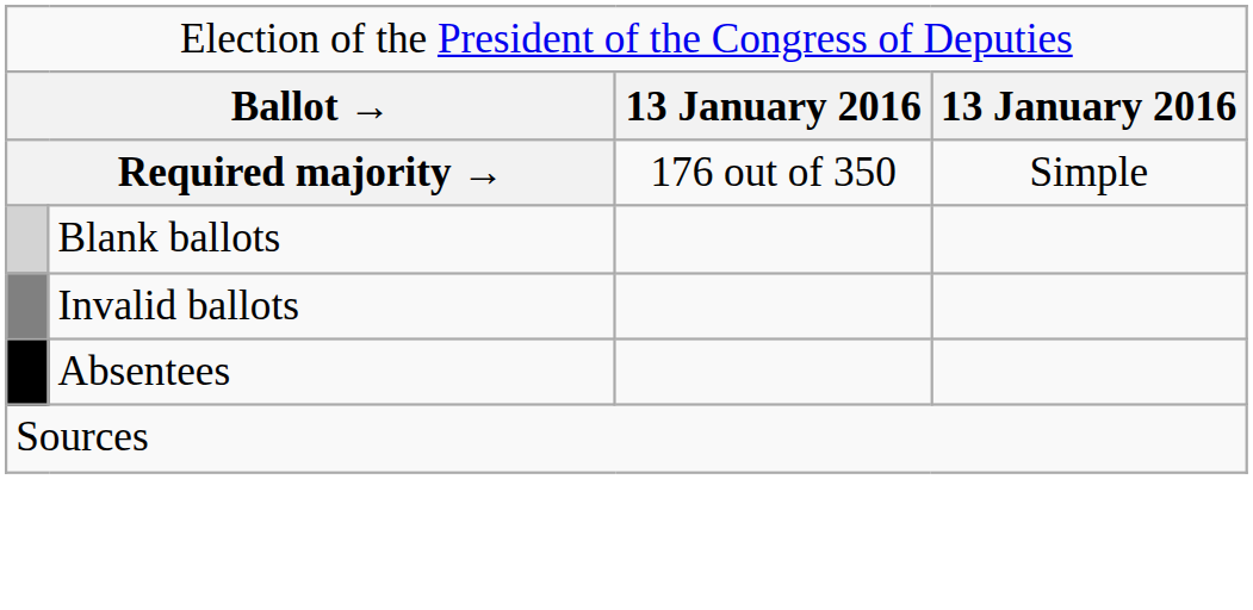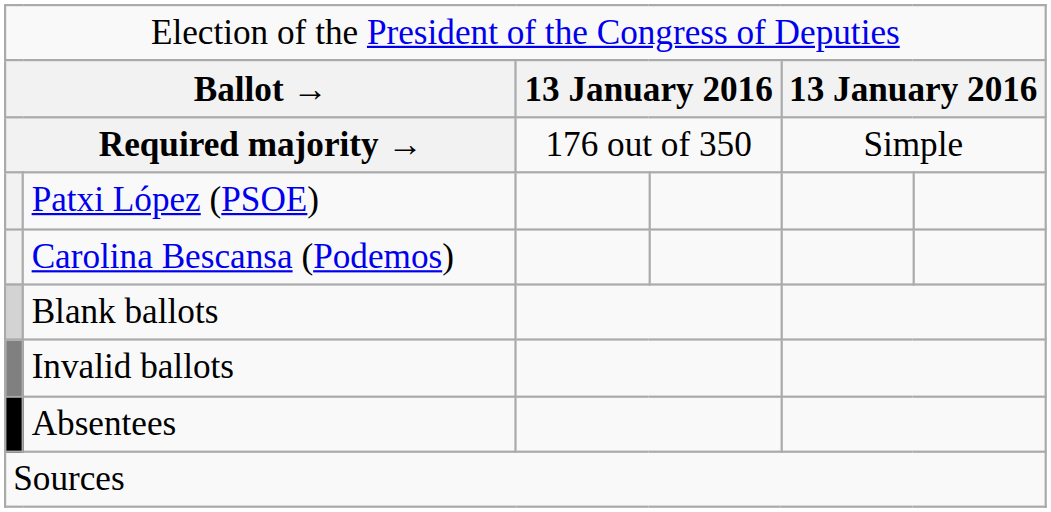 <table class="wikitable" style="text-align:center;">
 <tr>
 <td colspan="6" align="center">Election of the <a href='#'>President of the Congress of Deputies</a></td>
 </tr>
 <tr>
 <th colspan="2" width="225px">Ballot →</th>
 <th colspan="2">13 January 2016</th>
 <th colspan="2">13 January 2016</th>
 </tr>
 <tr>
 <th colspan="2">Required majority →</th>
 <td colspan="2">176 out of 350</td>
 <td colspan="2">Simple</td>
+</tr>
+<tr>
+<th width="1px" style="background:"></th>
+<td align="left"><a href='#'>Patxi López</a> (<a href='#'>PSOE</a>)</td>
+<td></td>
+<td></td>
+<td></td>
+<td></td>
+</tr>
+<tr>
+<th style="background:"></th>
+<td align="left"><a href='#'>Carolina Bescansa</a> (<a href='#'>Podemos</a>)</td>
+<td></td>
+<td></td>
+<td></td>
+<td></td>
 </tr>
 <tr>
 <th style="background:lightgray;"></th>
 <td align="left">Blank ballots</td>
 <td colspan="2"></td>
 <td colspan="2"></td>
 </tr>
 <tr>
 <th style="background:gray;"></th>
 <td align="left">Invalid ballots</td>
 <td colspan="2"></td>
 <td colspan="2"></td>
 </tr>
 <tr>
 <th style="background:black;"></th>
 <td align="left">Absentees</td>
 <td colspan="2"></td>
 <td colspan="2"></td>
 </tr>
 <tr>
 <td align="left" colspan="6">Sources</td>
 </tr>
 </table>
